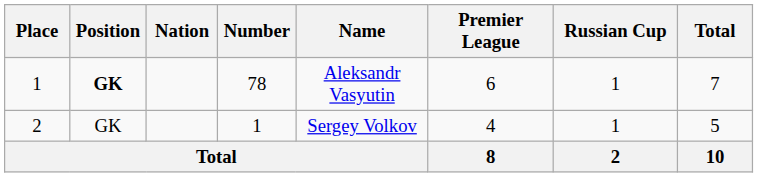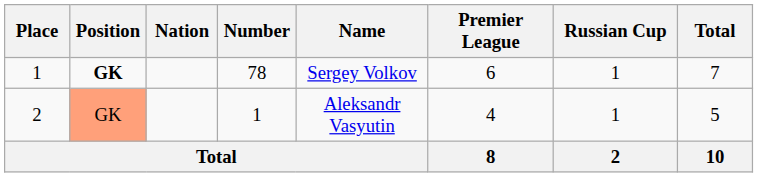 <table class="wikitable" style="font-size: 95%; text-align: center;">
 <tr>
 <th width=60>Place</th>
 <th width=60>Position</th>
 <th width=60>Nation</th>
 <th width=60>Number</th>
 <th width=150>Name</th>
 <th width=150>Premier League</th>
 <th width=150>Russian Cup</th>
 <th width=80>Total</th>
 </tr>
 <tr>
 <td>1</td>
 <td><strong>GK</strong></td>
 <td></td>
 <td>78</td>
-<td><a href='#'>Aleksandr Vasyutin</a></td>
+<td><a href='#'>Sergey Volkov</a></td>
 <td>6</td>
 <td>1</td>
 <td>7</td>
 </tr>
 <tr>
 <td>2</td>
-<td>GK</td>
+<td style="background: lightsalmon;">GK</td>
 <td></td>
 <td>1</td>
-<td><a href='#'>Sergey Volkov</a></td>
+<td><a href='#'>Aleksandr Vasyutin</a></td>
 <td>4</td>
 <td>1</td>
 <td>5</td>
 </tr>
 <tr>
 <th colspan=5>Total</th>
 <th>8</th>
 <th>2</th>
 <th>10</th>
 </tr>
 </table>
